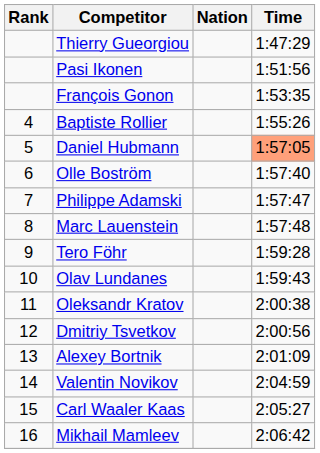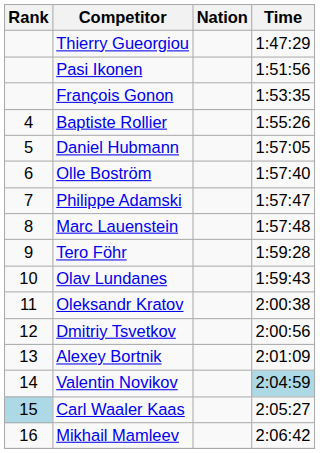 <table class="wikitable sortable" style="text-align:left">
 <tr>
 <th data-sort-type="number">Rank</th>
 <th class="unsortable">Competitor</th>
 <th>Nation</th>
 <th>Time</th>
 </tr>
 <tr>
 <td style="text-align:center"></td>
 <td><a href='#'>Thierry Gueorgiou</a></td>
 <td></td>
 <td style="text-align:right">1:47:29</td>
 </tr>
 <tr>
 <td style="text-align:center"></td>
 <td><a href='#'>Pasi Ikonen</a></td>
 <td></td>
 <td style="text-align:right">1:51:56</td>
 </tr>
 <tr>
 <td style="text-align:center"></td>
 <td><a href='#'>François Gonon</a></td>
 <td></td>
 <td style="text-align:right">1:53:35</td>
 </tr>
 <tr>
 <td style="text-align:center">4</td>
 <td><a href='#'>Baptiste Rollier</a></td>
 <td></td>
 <td style="text-align:right">1:55:26</td>
 </tr>
 <tr>
 <td style="text-align:center">5</td>
 <td><a href='#'>Daniel Hubmann</a></td>
 <td></td>
-<td style="background: lightsalmon; text-align:right">1:57:05</td>
+<td style="text-align:right">1:57:05</td>
 </tr>
 <tr>
 <td style="text-align:center">6</td>
 <td><a href='#'>Olle Boström</a></td>
 <td></td>
 <td style="text-align:right">1:57:40</td>
 </tr>
 <tr>
 <td style="text-align:center">7</td>
 <td><a href='#'>Philippe Adamski</a></td>
 <td></td>
 <td style="text-align:right">1:57:47</td>
 </tr>
 <tr>
 <td style="text-align:center">8</td>
 <td><a href='#'>Marc Lauenstein</a></td>
 <td></td>
 <td style="text-align:right">1:57:48</td>
 </tr>
 <tr>
 <td style="text-align:center">9</td>
 <td><a href='#'>Tero Föhr</a></td>
 <td></td>
 <td style="text-align:right">1:59:28</td>
 </tr>
 <tr>
 <td style="text-align:center">10</td>
 <td><a href='#'>Olav Lundanes</a></td>
 <td></td>
 <td style="text-align:right">1:59:43</td>
 </tr>
 <tr>
 <td style="text-align:center">11</td>
 <td><a href='#'>Oleksandr Kratov</a></td>
 <td></td>
 <td style="text-align:right">2:00:38</td>
 </tr>
 <tr>
 <td style="text-align:center">12</td>
 <td><a href='#'>Dmitriy Tsvetkov</a></td>
 <td></td>
 <td style="text-align:right">2:00:56</td>
 </tr>
 <tr>
 <td style="text-align:center">13</td>
 <td><a href='#'>Alexey Bortnik</a></td>
 <td></td>
 <td style="text-align:right">2:01:09</td>
 </tr>
 <tr>
 <td style="text-align:center">14</td>
 <td><a href='#'>Valentin Novikov</a></td>
 <td></td>
-<td style="text-align:right">2:04:59</td>
+<td style="background: lightblue; text-align:right">2:04:59</td>
 </tr>
 <tr>
-<td style="text-align:center">15</td>
+<td style="background: lightblue; text-align:center">15</td>
 <td><a href='#'>Carl Waaler Kaas</a></td>
 <td></td>
 <td style="text-align:right">2:05:27</td>
 </tr>
 <tr>
 <td style="text-align:center">16</td>
 <td><a href='#'>Mikhail Mamleev</a></td>
 <td></td>
 <td style="text-align:right">2:06:42</td>
 </tr>
 <tr>
 </tr>
 </table>
